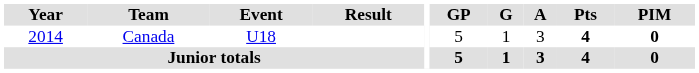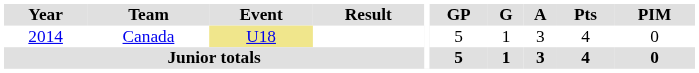 <table border="0" cellpadding="1" cellspacing="0" ID="Table3" style="text-align:center; width:40em">
 <tr ALIGN="center" bgcolor="#e0e0e0">
 <th>Year</th>
 <th>Team</th>
 <th>Event</th>
 <th>Result</th>
 <th rowspan="99" bgcolor="#ffffff"></th>
 <th>GP</th>
 <th>G</th>
 <th>A</th>
 <th>Pts</th>
 <th>PIM</th>
 </tr>
 <tr>
 <td><a href='#'>2014</a></td>
 <td><a href='#'>Canada</a></td>
-<td><a href='#'>U18</a></td>
+<td style="background: khaki;"><a href='#'>U18</a></td>
 <td></td>
 <td>5</td>
 <td>1</td>
 <td>3</td>
-<td><strong>4</strong></td>
-<td><strong>0</strong></td>
+<td>4</td>
+<td>0</td>
 </tr>
 <tr bgcolor="#e0e0e0">
 <th colspan="4">Junior totals</th>
 <th>5</th>
 <th>1</th>
 <th>3</th>
 <th>4</th>
 <th>0</th>
 </tr>
 </table>
